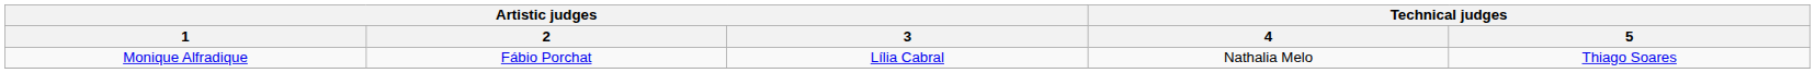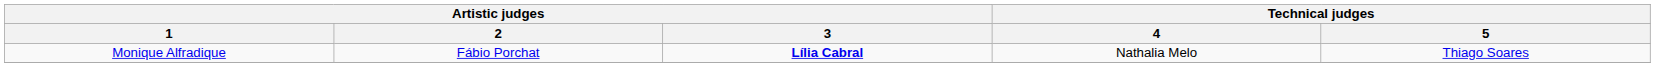 <table class="wikitable" style="font-size:100%; line-height:16px; text-align:center" width="100%">
 <tr>
 <th colspan=3>Artistic judges</th>
 <th colspan=2>Technical judges</th>
 </tr>
 <tr>
 <th width="20.0%">1</th>
 <th width="20.0%">2</th>
 <th width="20.0%">3</th>
 <th width="20.0%">4</th>
 <th width="20.0%">5</th>
 </tr>
 <tr>
 <td><a href='#'>Monique Alfradique</a></td>
 <td><a href='#'>Fábio Porchat</a></td>
-<td><a href='#'>Lília Cabral</a></td>
+<td><strong><a href='#'>Lília Cabral</a></strong></td>
 <td>Nathalia Melo</td>
 <td><a href='#'>Thiago Soares</a></td>
 </tr>
 <tr>
 </tr>
 </table>
